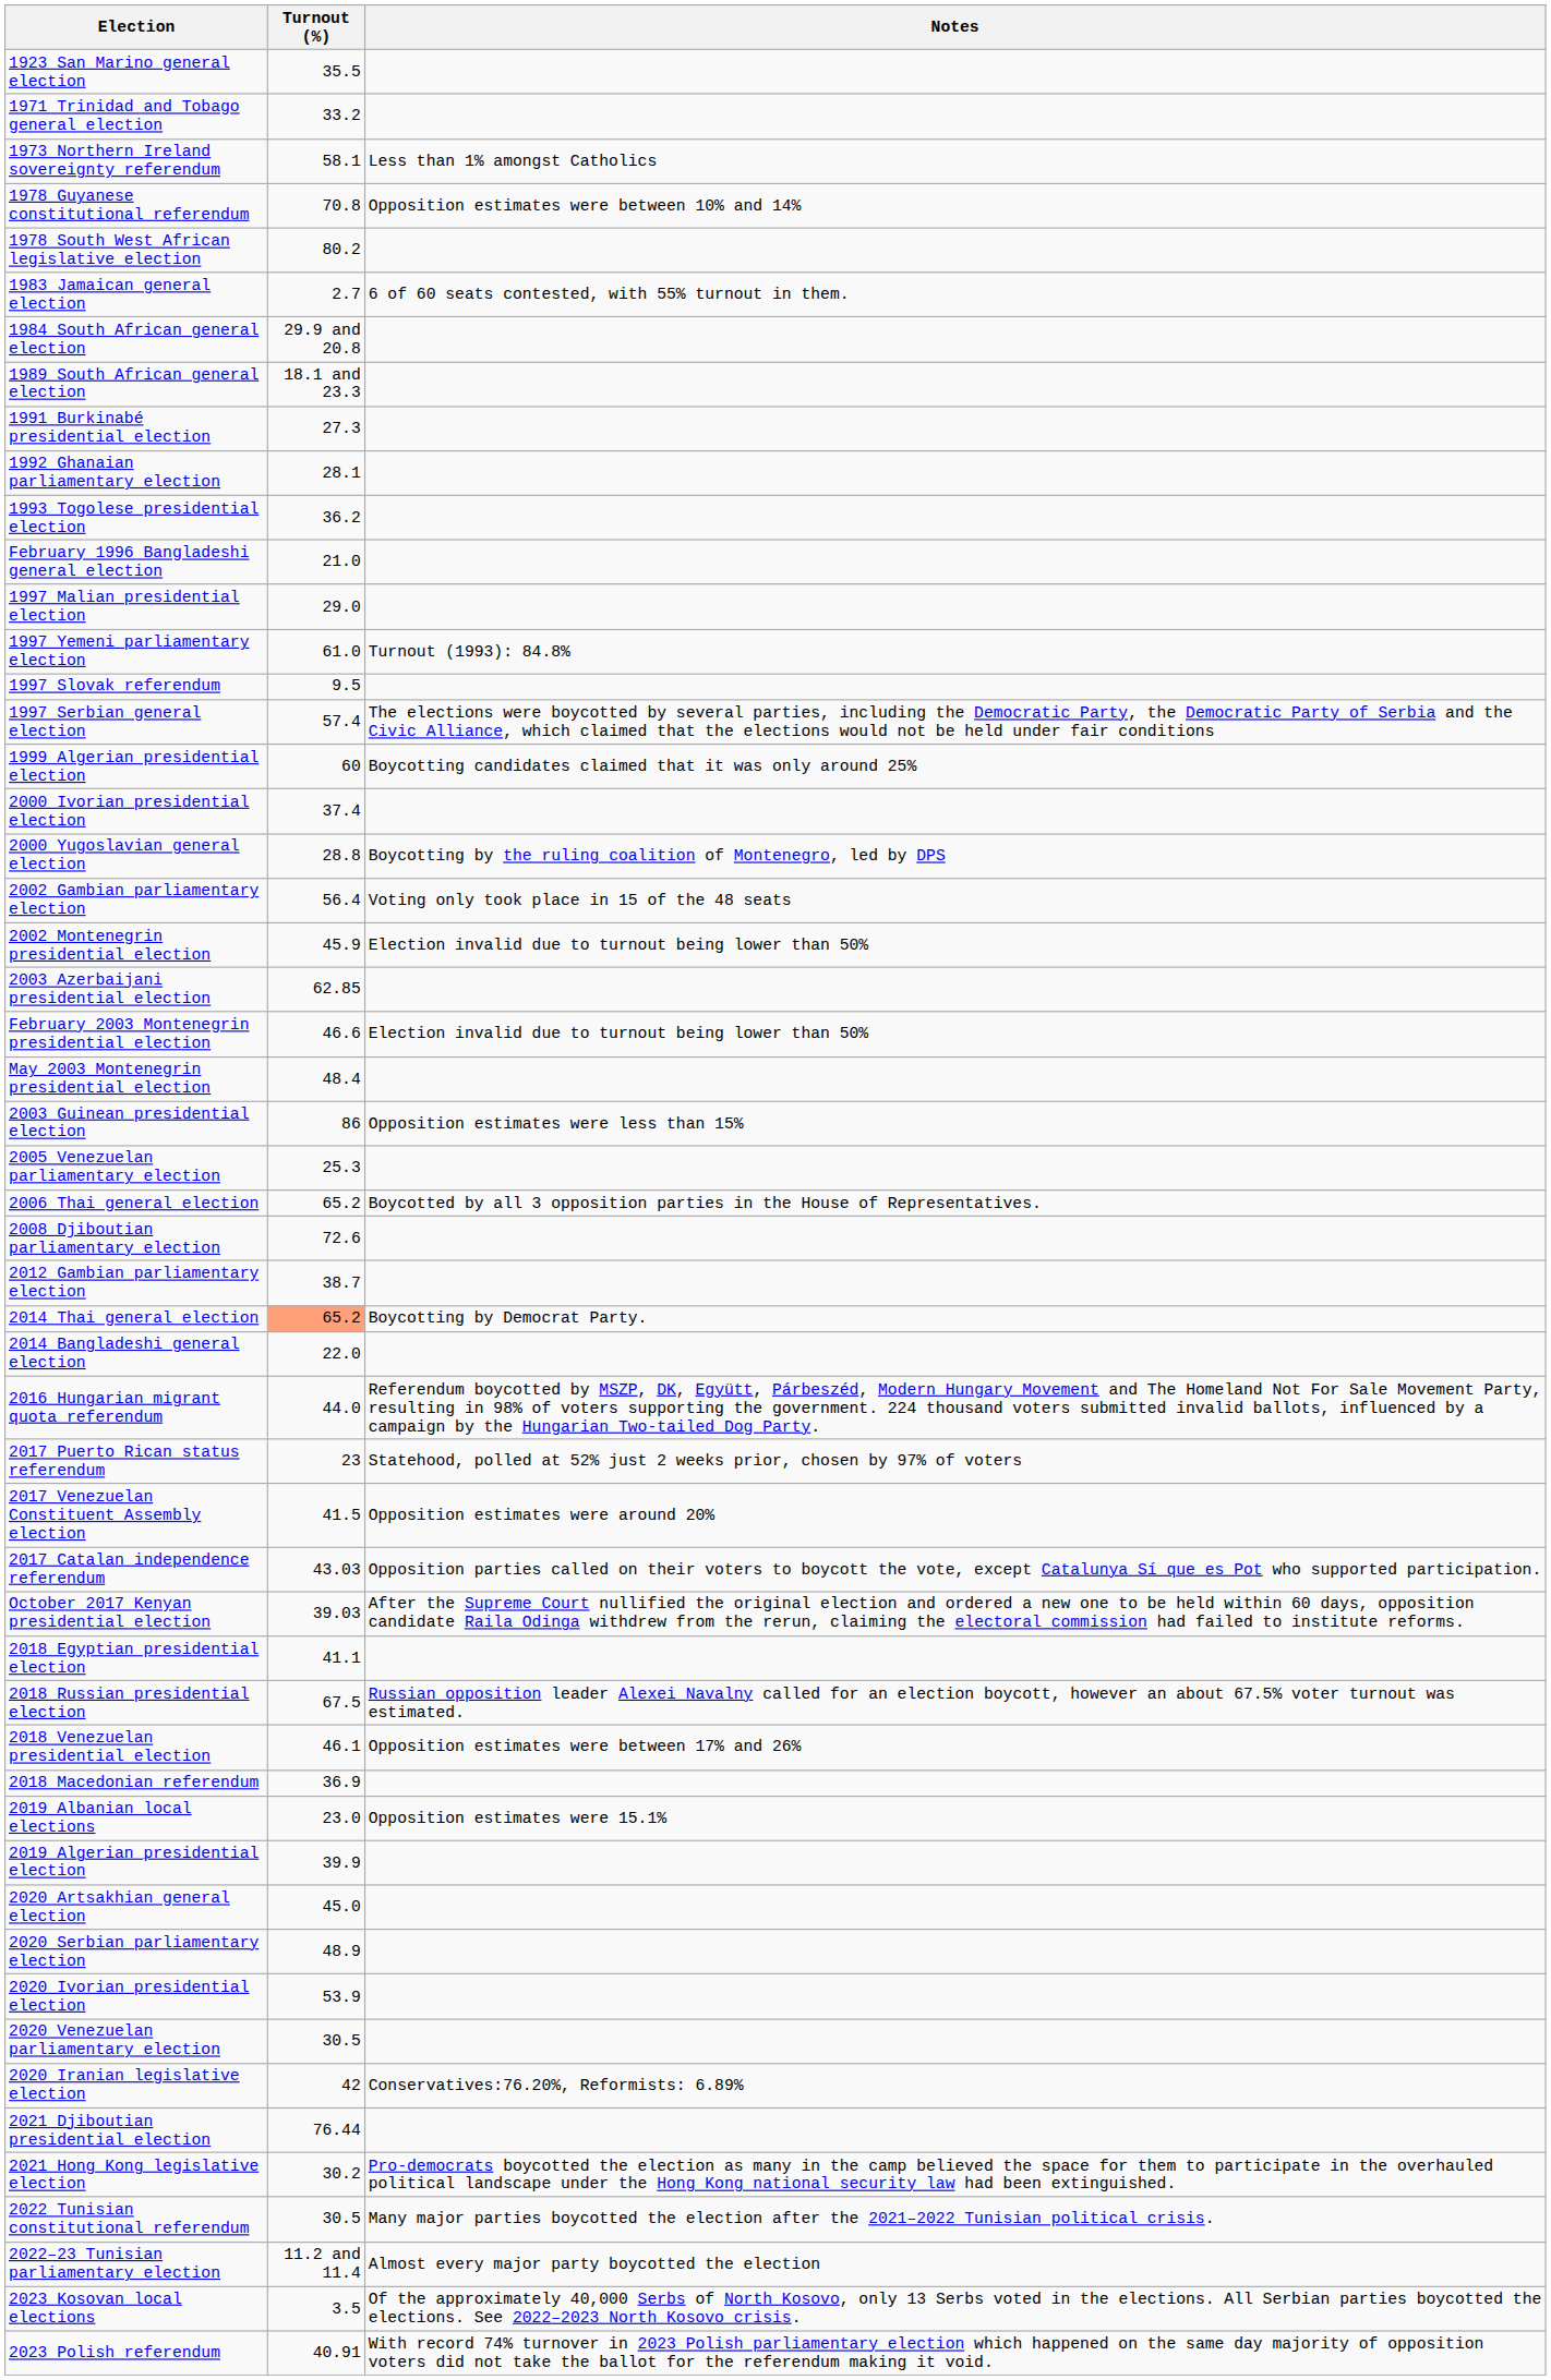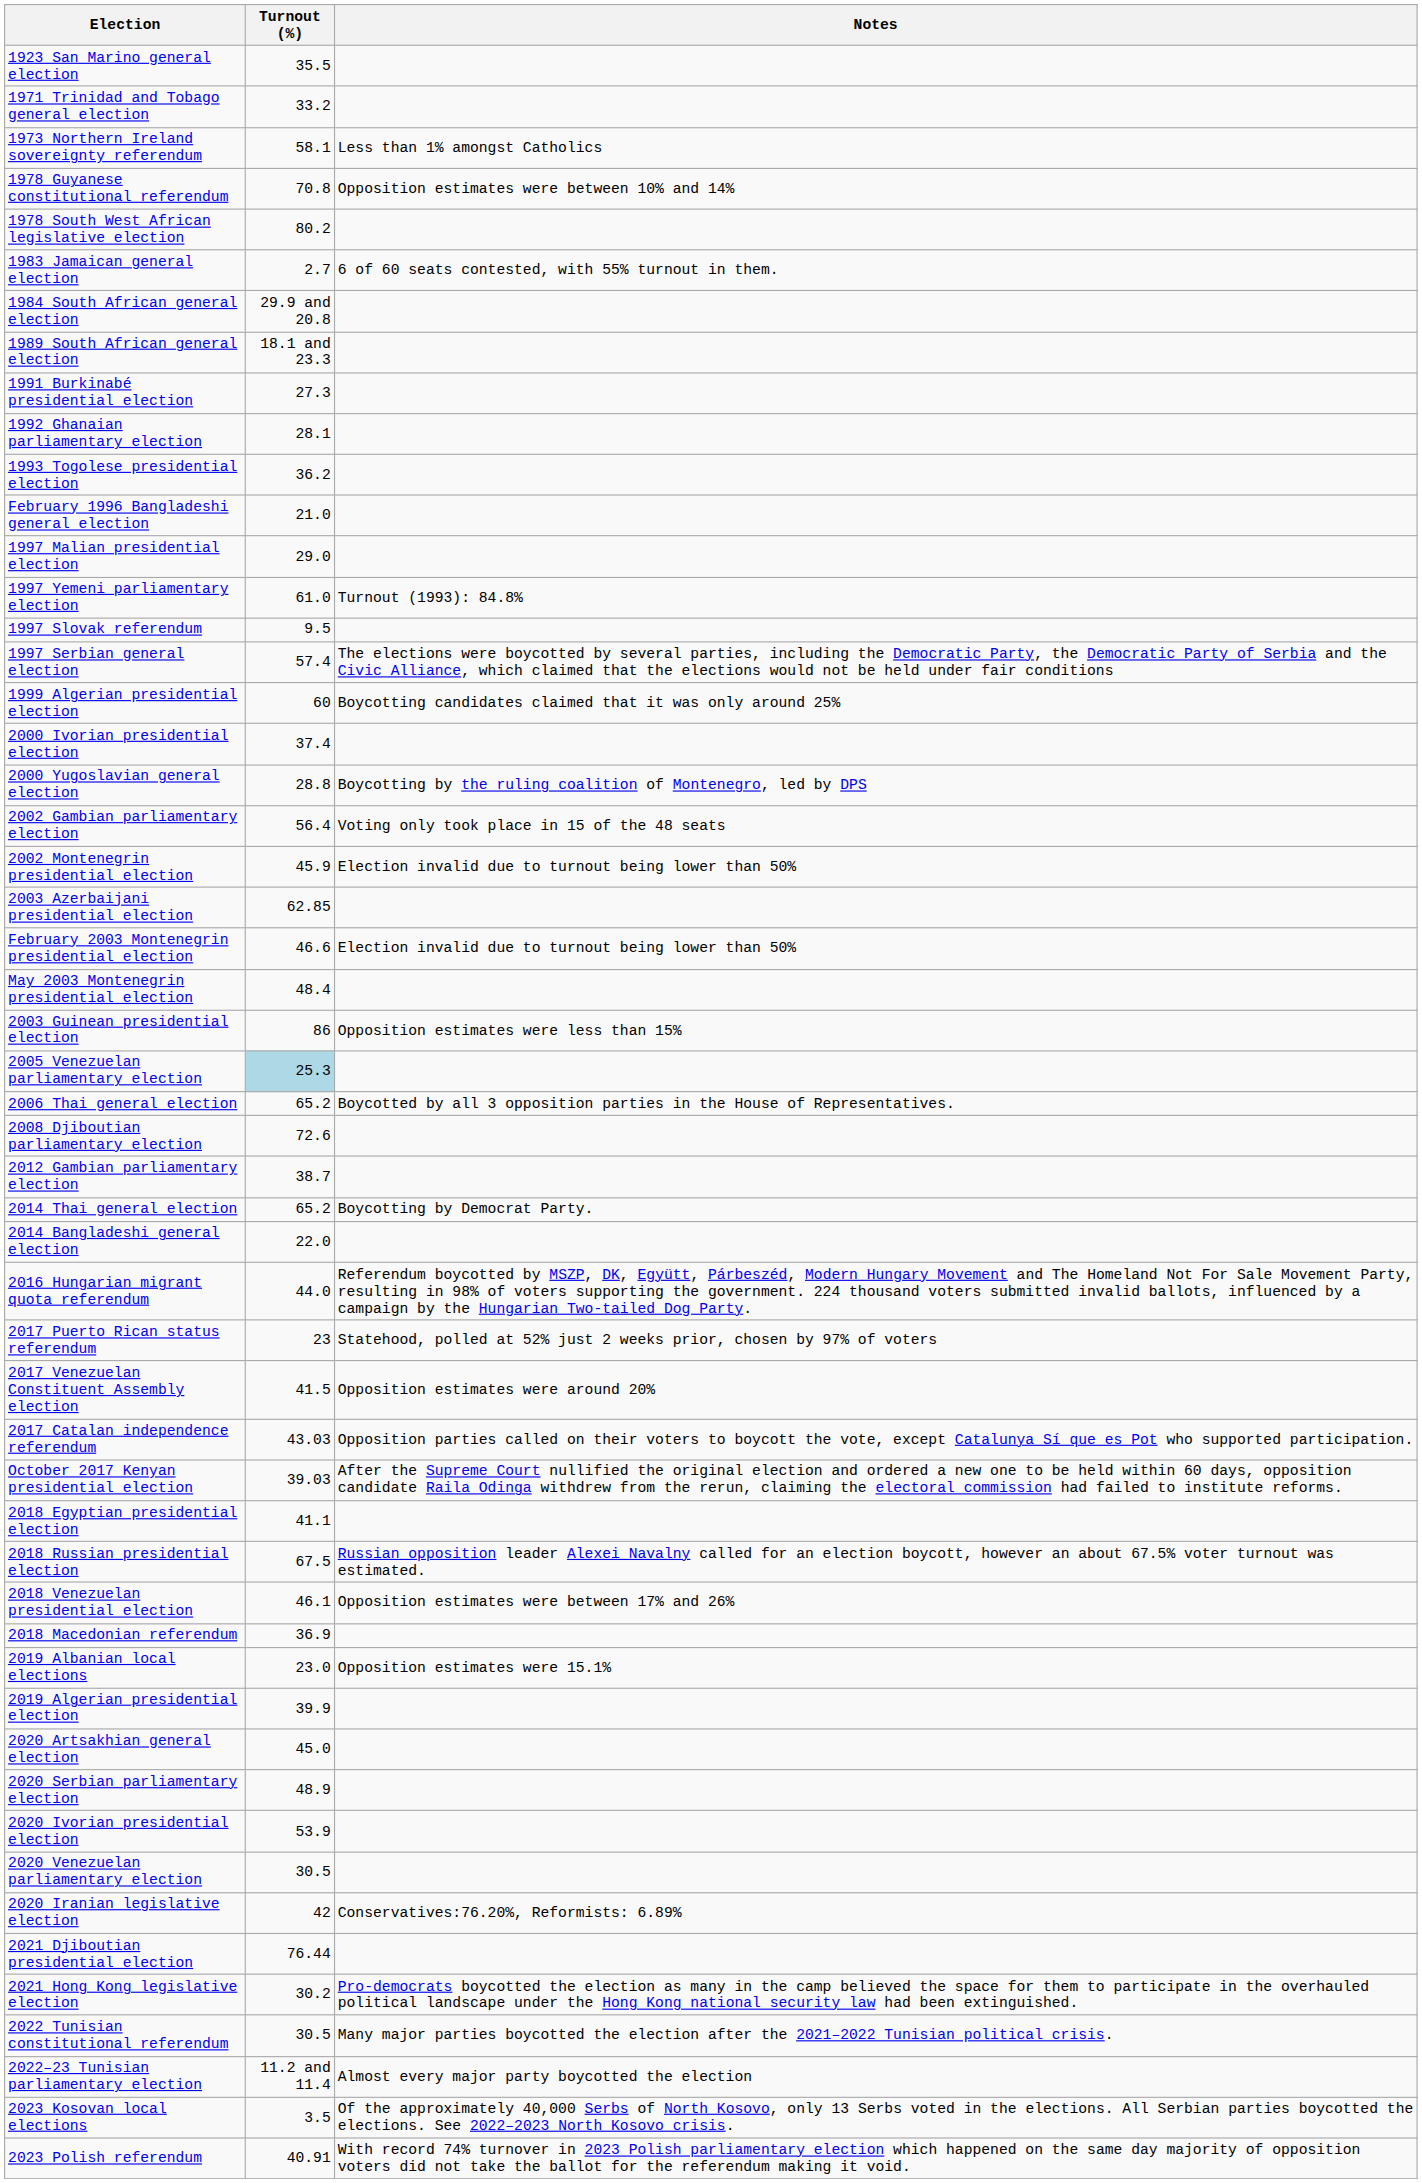 <table class="wikitable sortable">
 <tr>
 <th>Election</th>
 <th>Turnout (%)</th>
 <th>Notes</th>
 </tr>
 <tr>
 <td><a href='#'>1923 San Marino general election</a></td>
 <td align=right>35.5</td>
 <td></td>
 </tr>
 <tr>
 <td><a href='#'>1971 Trinidad and Tobago general election</a></td>
 <td align=right>33.2</td>
 <td></td>
 </tr>
 <tr>
 <td><a href='#'>1973 Northern Ireland sovereignty referendum</a></td>
 <td align=right>58.1</td>
 <td>Less than 1% amongst Catholics</td>
 </tr>
 <tr>
 <td><a href='#'>1978 Guyanese constitutional referendum</a></td>
 <td align=right>70.8</td>
 <td>Opposition estimates were between 10% and 14%</td>
 </tr>
 <tr>
 <td><a href='#'>1978 South West African legislative election</a></td>
 <td align=right>80.2</td>
 <td></td>
 </tr>
 <tr>
 <td><a href='#'>1983 Jamaican general election</a></td>
 <td align=right>2.7</td>
 <td>6 of 60 seats contested, with 55% turnout in them.</td>
 </tr>
 <tr>
 <td><a href='#'>1984 South African general election</a></td>
 <td align=right>29.9 and 20.8</td>
 <td></td>
 </tr>
 <tr>
 <td><a href='#'>1989 South African general election</a></td>
 <td align=right>18.1 and 23.3</td>
 <td></td>
 </tr>
 <tr>
 <td><a href='#'>1991 Burkinabé presidential election</a></td>
 <td align=right>27.3</td>
 <td></td>
 </tr>
 <tr>
 <td><a href='#'>1992 Ghanaian parliamentary election</a></td>
 <td align=right>28.1</td>
 <td></td>
 </tr>
 <tr>
 <td><a href='#'>1993 Togolese presidential election</a></td>
 <td align=right>36.2</td>
 <td></td>
 </tr>
 <tr>
 <td><a href='#'>February 1996 Bangladeshi general election</a></td>
 <td align=right>21.0</td>
 <td></td>
 </tr>
 <tr>
 <td><a href='#'>1997 Malian presidential election</a></td>
 <td align=right>29.0</td>
 <td></td>
 </tr>
 <tr>
 <td><a href='#'>1997 Yemeni parliamentary election</a></td>
 <td align=right>61.0</td>
 <td>Turnout (1993): 84.8%</td>
 </tr>
 <tr>
 <td><a href='#'>1997 Slovak referendum</a></td>
 <td align=right>9.5</td>
 <td></td>
 </tr>
 <tr>
 <td><a href='#'>1997 Serbian general election</a></td>
 <td align=right>57.4</td>
 <td>The elections were boycotted by several parties, including the <a href='#'>Democratic Party</a>, the <a href='#'>Democratic Party of Serbia</a> and the <a href='#'>Civic Alliance</a>, which claimed that the elections would not be held under fair conditions</td>
 </tr>
 <tr>
 <td><a href='#'>1999 Algerian presidential election</a></td>
 <td align=right>60</td>
 <td>Boycotting candidates claimed that it was only around 25%</td>
 </tr>
 <tr>
 <td><a href='#'>2000 Ivorian presidential election</a></td>
 <td align=right>37.4</td>
 <td></td>
 </tr>
 <tr>
 <td><a href='#'>2000 Yugoslavian general election</a></td>
 <td align=right>28.8</td>
 <td>Boycotting by <a href='#'>the ruling coalition</a> of <a href='#'>Montenegro</a>, led by <a href='#'>DPS</a></td>
 </tr>
 <tr>
 <td><a href='#'>2002 Gambian parliamentary election</a></td>
 <td align=right>56.4</td>
 <td>Voting only took place in 15 of the 48 seats</td>
 </tr>
 <tr>
 <td><a href='#'>2002 Montenegrin presidential election</a></td>
 <td align=right>45.9</td>
 <td>Election invalid due to turnout being lower than 50%</td>
 </tr>
 <tr>
 <td><a href='#'>2003 Azerbaijani presidential election</a></td>
 <td align=right>62.85</td>
 <td></td>
 </tr>
 <tr>
 <td><a href='#'>February 2003 Montenegrin presidential election</a></td>
 <td align=right>46.6</td>
 <td>Election invalid due to turnout being lower than 50%</td>
 </tr>
 <tr>
 <td><a href='#'>May 2003 Montenegrin presidential election</a></td>
 <td align=right>48.4</td>
 <td></td>
 </tr>
 <tr>
 <td><a href='#'>2003 Guinean presidential election</a></td>
 <td align=right>86</td>
 <td>Opposition estimates were less than 15%</td>
 </tr>
 <tr>
 <td><a href='#'>2005 Venezuelan parliamentary election</a></td>
-<td align=right>25.3</td>
+<td align=right style="background: lightblue;">25.3</td>
 <td></td>
 </tr>
 <tr>
 <td><a href='#'>2006 Thai general election</a></td>
 <td align=right>65.2</td>
 <td>Boycotted by all 3 opposition parties in the House of Representatives.</td>
 </tr>
 <tr>
 <td><a href='#'>2008 Djiboutian parliamentary election</a></td>
 <td align=right>72.6</td>
 <td></td>
 </tr>
 <tr>
 <td><a href='#'>2012 Gambian parliamentary election</a></td>
 <td align=right>38.7</td>
 <td></td>
 </tr>
 <tr>
 <td><a href='#'>2014 Thai general election</a></td>
-<td align=right style="background: lightsalmon;">65.2</td>
+<td align=right>65.2</td>
 <td>Boycotting by Democrat Party.</td>
 </tr>
 <tr>
 <td><a href='#'>2014 Bangladeshi general election</a></td>
 <td align=right>22.0</td>
 <td></td>
 </tr>
 <tr>
 <td><a href='#'>2016 Hungarian migrant quota referendum</a></td>
 <td align=right>44.0</td>
 <td>Referendum boycotted by <a href='#'>MSZP</a>, <a href='#'>DK</a>, <a href='#'>Együtt</a>, <a href='#'>Párbeszéd</a>, <a href='#'>Modern Hungary Movement</a> and The Homeland Not For Sale Movement Party, resulting in 98% of voters supporting the government. 224 thousand voters submitted invalid ballots, influenced by a campaign by the <a href='#'>Hungarian Two-tailed Dog Party</a>.</td>
 </tr>
 <tr>
 <td><a href='#'>2017 Puerto Rican status referendum</a></td>
 <td align=right>23</td>
 <td>Statehood, polled at 52% just 2 weeks prior, chosen by 97% of voters</td>
 </tr>
 <tr>
 <td><a href='#'>2017 Venezuelan Constituent Assembly election</a></td>
 <td align=right>41.5</td>
 <td>Opposition estimates were around 20%</td>
 </tr>
 <tr>
 <td><a href='#'>2017 Catalan independence referendum</a></td>
 <td align=right>43.03</td>
 <td>Opposition parties called on their voters to boycott the vote, except <a href='#'>Catalunya Sí que es Pot</a> who supported participation.</td>
 </tr>
 <tr>
 <td><a href='#'>October 2017 Kenyan presidential election</a></td>
 <td align=right>39.03</td>
 <td>After the <a href='#'>Supreme Court</a> nullified the original election and ordered a new one to be held within 60 days, opposition candidate <a href='#'>Raila Odinga</a> withdrew from the rerun, claiming the <a href='#'>electoral commission</a> had failed to institute reforms.</td>
 </tr>
 <tr>
 <td><a href='#'>2018 Egyptian presidential election</a></td>
 <td align=right>41.1</td>
 <td></td>
 </tr>
 <tr>
 <td><a href='#'>2018 Russian presidential election</a></td>
 <td align=right>67.5</td>
 <td><a href='#'>Russian opposition</a> leader <a href='#'>Alexei Navalny</a> called for an election boycott, however an about 67.5% voter turnout was estimated.</td>
 </tr>
 <tr>
 <td><a href='#'>2018 Venezuelan presidential election</a></td>
 <td align=right>46.1</td>
 <td>Opposition estimates were between 17% and 26%</td>
 </tr>
 <tr>
 <td><a href='#'>2018 Macedonian referendum</a></td>
 <td align=right>36.9</td>
 <td></td>
 </tr>
 <tr>
 <td><a href='#'>2019 Albanian local elections</a></td>
 <td align=right>23.0</td>
 <td>Opposition estimates were 15.1%</td>
 </tr>
 <tr>
 <td><a href='#'>2019 Algerian presidential election</a></td>
 <td align=right>39.9</td>
 <td></td>
 </tr>
 <tr>
 <td><a href='#'>2020 Artsakhian general election</a></td>
 <td align=right>45.0</td>
 <td></td>
 </tr>
 <tr>
 <td><a href='#'>2020 Serbian parliamentary election</a></td>
 <td align=right>48.9</td>
 <td></td>
 </tr>
 <tr>
 <td><a href='#'>2020 Ivorian presidential election</a></td>
 <td align=right>53.9</td>
 <td></td>
 </tr>
 <tr>
 <td><a href='#'>2020 Venezuelan parliamentary election</a></td>
 <td align="right">30.5</td>
 <td></td>
 </tr>
 <tr>
 <td><a href='#'>2020 Iranian legislative election</a></td>
 <td align="right">42</td>
 <td>Conservatives:76.20%, Reformists: 6.89%</td>
 </tr>
 <tr>
 <td><a href='#'>2021 Djiboutian presidential election</a></td>
 <td align="right">76.44</td>
 <td></td>
 </tr>
 <tr>
 <td><a href='#'>2021 Hong Kong legislative election</a></td>
 <td align="right">30.2</td>
 <td><a href='#'>Pro-democrats</a> boycotted the election as many in the camp believed the space for them to participate in the overhauled political landscape under the <a href='#'>Hong Kong national security law</a> had been extinguished.</td>
 </tr>
 <tr>
 <td><a href='#'>2022 Tunisian constitutional referendum</a></td>
 <td align="right">30.5</td>
 <td>Many major parties boycotted the election after the <a href='#'>2021–2022 Tunisian political crisis</a>.</td>
 </tr>
 <tr>
 <td><a href='#'>2022–23 Tunisian parliamentary election</a></td>
 <td align="right">11.2 and 11.4</td>
 <td>Almost every major party boycotted the election</td>
 </tr>
 <tr>
 <td><a href='#'>2023 Kosovan local elections</a></td>
 <td align="right">3.5</td>
 <td>Of the approximately 40,000 <a href='#'>Serbs</a> of <a href='#'>North Kosovo</a>, only 13 Serbs voted in the elections. All Serbian parties boycotted the elections. See <a href='#'>2022–2023 North Kosovo crisis</a>.</td>
 </tr>
 <tr>
 <td><a href='#'>2023 Polish referendum</a></td>
 <td align="right">40.91</td>
 <td>With record 74% turnover in <a href='#'>2023 Polish parliamentary election</a> which happened on the same day majority of opposition voters did not take the ballot for the referendum making it void.</td>
 </tr>
 </table>
